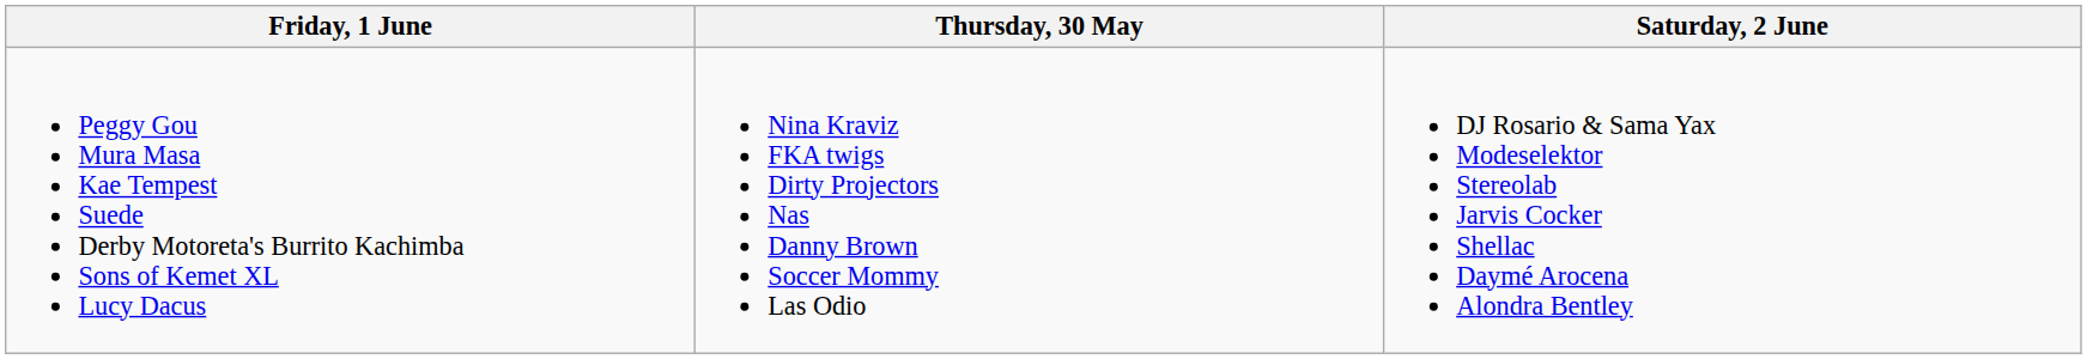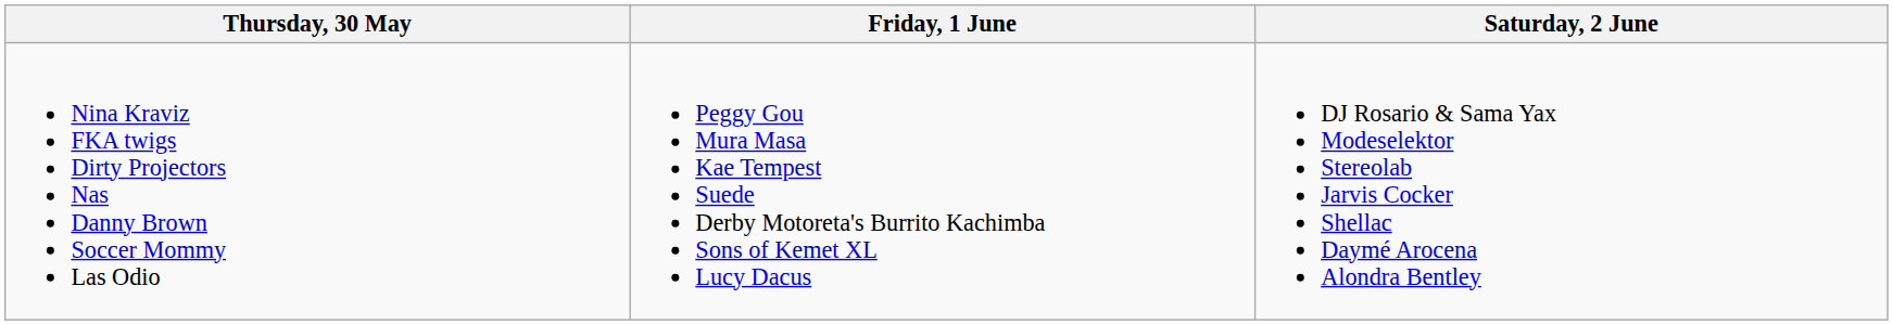 <table class="wikitable">
 <tr>
+<th width="500">Thursday, 30 May</th>
 <th width="500">Friday, 1 June</th>
-<th width="500">Thursday, 30 May</th>
 <th width="500">Saturday, 2 June</th>
 </tr>
 <tr valign="top">
+<td><br><ul><li><a href='#'>Nina Kraviz</a></li><li><a href='#'>FKA twigs</a></li><li><a href='#'>Dirty Projectors</a></li><li><a href='#'>Nas</a></li><li><a href='#'>Danny Brown</a></li><li><a href='#'>Soccer Mommy</a></li><li>Las Odio</li></ul></td>
 <td><br><ul><li><a href='#'>Peggy Gou</a></li><li><a href='#'>Mura Masa</a></li><li><a href='#'>Kae Tempest</a></li><li><a href='#'>Suede</a></li><li>Derby Motoreta's Burrito Kachimba</li><li><a href='#'>Sons of Kemet XL</a></li><li><a href='#'>Lucy Dacus</a></li></ul></td>
-<td><br><ul><li><a href='#'>Nina Kraviz</a></li><li><a href='#'>FKA twigs</a></li><li><a href='#'>Dirty Projectors</a></li><li><a href='#'>Nas</a></li><li><a href='#'>Danny Brown</a></li><li><a href='#'>Soccer Mommy</a></li><li>Las Odio</li></ul></td>
 <td><br><ul><li>DJ Rosario & Sama Yax</li><li><a href='#'>Modeselektor</a></li><li><a href='#'>Stereolab</a></li><li><a href='#'>Jarvis Cocker</a></li><li><a href='#'>Shellac</a></li><li><a href='#'>Daymé Arocena</a></li><li><a href='#'>Alondra Bentley</a></li></ul></td>
 </tr>
 </table>
